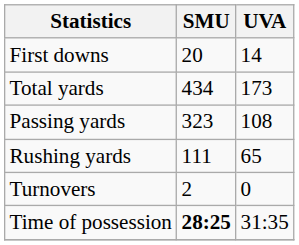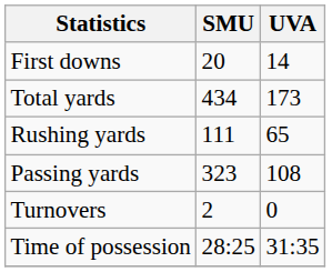 <table class="wikitable" style="float: left;">
 <tr>
 <th>Statistics</th>
 <th>SMU</th>
 <th>UVA</th>
 </tr>
 <tr>
 <td>First downs</td>
 <td>20</td>
 <td>14</td>
 </tr>
 <tr>
 <td>Total yards</td>
 <td>434</td>
 <td>173</td>
 </tr>
 <tr>
+<td>Rushing yards</td>
+<td>111</td>
+<td>65</td>
+</tr>
+<tr>
 <td>Passing yards</td>
 <td>323</td>
 <td>108</td>
-</tr>
-<tr>
-<td>Rushing yards</td>
-<td>111</td>
-<td>65</td>
 </tr>
 <tr>
 <td>Turnovers</td>
 <td>2</td>
 <td>0</td>
 </tr>
 <tr>
 <td>Time of possession</td>
-<td><strong>28:25</strong></td>
+<td>28:25</td>
 <td>31:35</td>
 </tr>
 <tr>
 </tr>
 </table>
